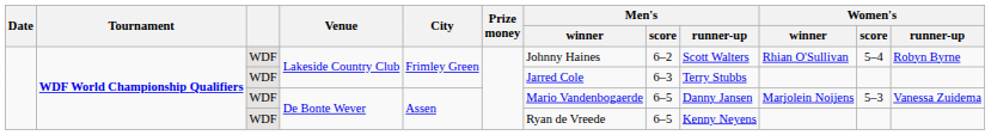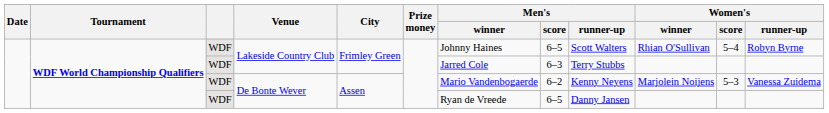 <table class="wikitable sortable" style="font-size: 85%">
 <tr>
 <th rowspan="2">Date</th>
 <th rowspan="2">Tournament</th>
 <th rowspan="2"></th>
 <th rowspan="2">Venue</th>
 <th rowspan="2">City</th>
 <th rowspan="2" class=unsortable>Prize<br>money</th>
 <th colspan="3">Men's</th>
 <th colspan="3">Women's</th>
 </tr>
 <tr>
 <th>winner</th>
 <th class=unsortable>score</th>
 <th>runner-up</th>
 <th>winner</th>
 <th class=unsortable>score</th>
 <th>runner-up</th>
 </tr>
 <tr>
 <td rowspan=4></td>
 <td rowspan=4><strong><a href='#'>WDF World Championship Qualifiers</a></strong></td>
 <td bgcolor="E5E4E2" align="center">WDF</td>
 <td rowspan=2><a href='#'>Lakeside Country Club</a></td>
 <td rowspan=2> <a href='#'>Frimley Green</a></td>
 <td rowspan=4></td>
 <td> Johnny Haines</td>
-<td align="center">6–2</td>
+<td align="center">6–5</td>
 <td> <a href='#'>Scott Walters</a></td>
 <td> <a href='#'>Rhian O'Sullivan</a></td>
 <td align="center">5–4</td>
 <td> <a href='#'>Robyn Byrne</a></td>
 </tr>
 <tr>
 <td bgcolor="E5E4E2" align="center">WDF</td>
 <td> <a href='#'>Jarred Cole</a></td>
 <td align="center">6–3</td>
 <td> <a href='#'>Terry Stubbs</a></td>
 <td></td>
 <td align="center"></td>
 <td></td>
 </tr>
 <tr>
 <td bgcolor="E5E4E2" align="center">WDF</td>
 <td rowspan=2><a href='#'>De Bonte Wever</a></td>
 <td rowspan=2> <a href='#'>Assen</a></td>
 <td> <a href='#'>Mario Vandenbogaerde</a></td>
-<td align="center">6–5</td>
-<td> <a href='#'>Danny Jansen</a></td>
+<td align="center">6–2</td>
+<td> <a href='#'>Kenny Neyens</a></td>
 <td> <a href='#'>Marjolein Noijens</a></td>
 <td align="center">5–3</td>
 <td> <a href='#'>Vanessa Zuidema</a></td>
 </tr>
 <tr>
 <td bgcolor="E5E4E2" align="center">WDF</td>
 <td> Ryan de Vreede</td>
 <td align="center">6–5</td>
-<td> <a href='#'>Kenny Neyens</a></td>
+<td> <a href='#'>Danny Jansen</a></td>
 <td></td>
 <td align="center"></td>
 <td></td>
 </tr>
 </table>
